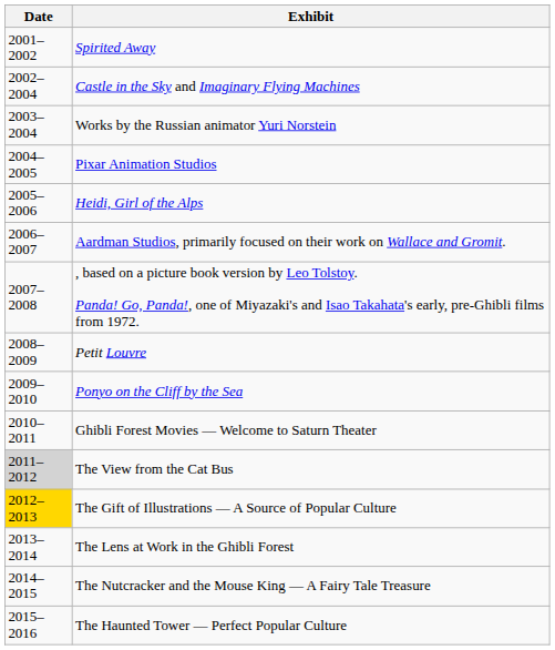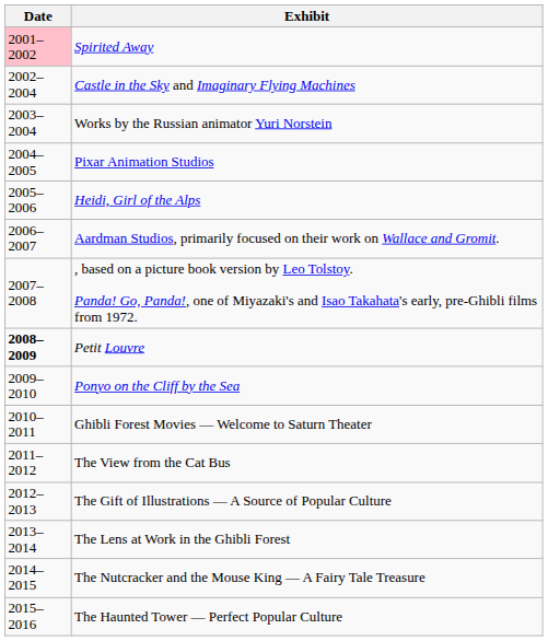 <table class="wikitable sortable">
 <tr>
 <th>Date</th>
 <th>Exhibit</th>
 </tr>
 <tr>
-<td>2001–2002</td>
+<td style="background: pink;">2001–2002</td>
 <td><em><a href='#'>Spirited Away</a></em></td>
 </tr>
 <tr>
 <td>2002–2004</td>
 <td><em><a href='#'>Castle in the Sky</a></em> and <em><a href='#'>Imaginary Flying Machines</a></em></td>
 </tr>
 <tr>
 <td>2003–2004</td>
 <td>Works by the Russian animator <a href='#'>Yuri Norstein</a></td>
 </tr>
 <tr>
 <td>2004–2005</td>
 <td><a href='#'>Pixar Animation Studios</a></td>
 </tr>
 <tr>
 <td>2005–2006</td>
 <td><em><a href='#'>Heidi, Girl of the Alps</a></em></td>
 </tr>
 <tr>
 <td>2006–2007</td>
 <td><a href='#'>Aardman Studios</a>, primarily focused on their work on <em><a href='#'>Wallace and Gromit</a></em>.</td>
 </tr>
 <tr>
 <td>2007–2008</td>
 <td>, based on a picture book version by <a href='#'>Leo Tolstoy</a>.<br><br><em><a href='#'>Panda! Go, Panda!</a></em>, one of Miyazaki's and <a href='#'>Isao Takahata</a>'s early, pre-Ghibli films from 1972.</td>
 </tr>
 <tr>
-<td>2008–2009</td>
+<td><strong>2008–2009</strong></td>
 <td><em>Petit <a href='#'>Louvre</a></em></td>
 </tr>
 <tr>
 <td>2009–2010</td>
 <td><em><a href='#'>Ponyo on the Cliff by the Sea</a></em></td>
 </tr>
 <tr>
 <td>2010–2011</td>
 <td>Ghibli Forest Movies — Welcome to Saturn Theater</td>
 </tr>
 <tr>
-<td style="background: lightgrey;">2011–2012</td>
+<td>2011–2012</td>
 <td>The View from the Cat Bus</td>
 </tr>
 <tr>
-<td style="background: gold;">2012–2013</td>
+<td>2012–2013</td>
 <td>The Gift of Illustrations ― A Source of Popular Culture</td>
 </tr>
 <tr>
 <td>2013–2014</td>
 <td>The Lens at Work in the Ghibli Forest</td>
 </tr>
 <tr>
 <td>2014–2015</td>
 <td>The Nutcracker and the Mouse King ― A Fairy Tale Treasure</td>
 </tr>
 <tr>
 <td>2015–2016</td>
 <td>The Haunted Tower ― Perfect Popular Culture</td>
 </tr>
 </table>
